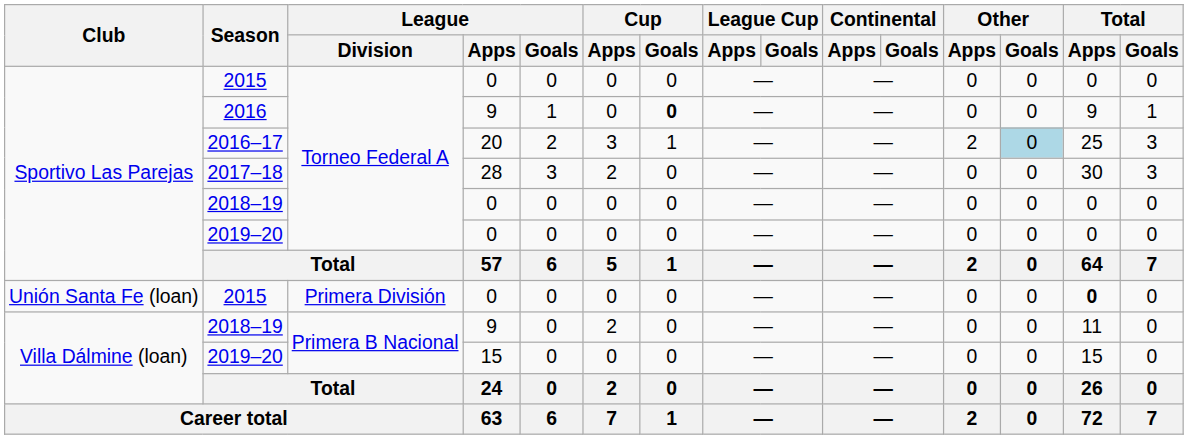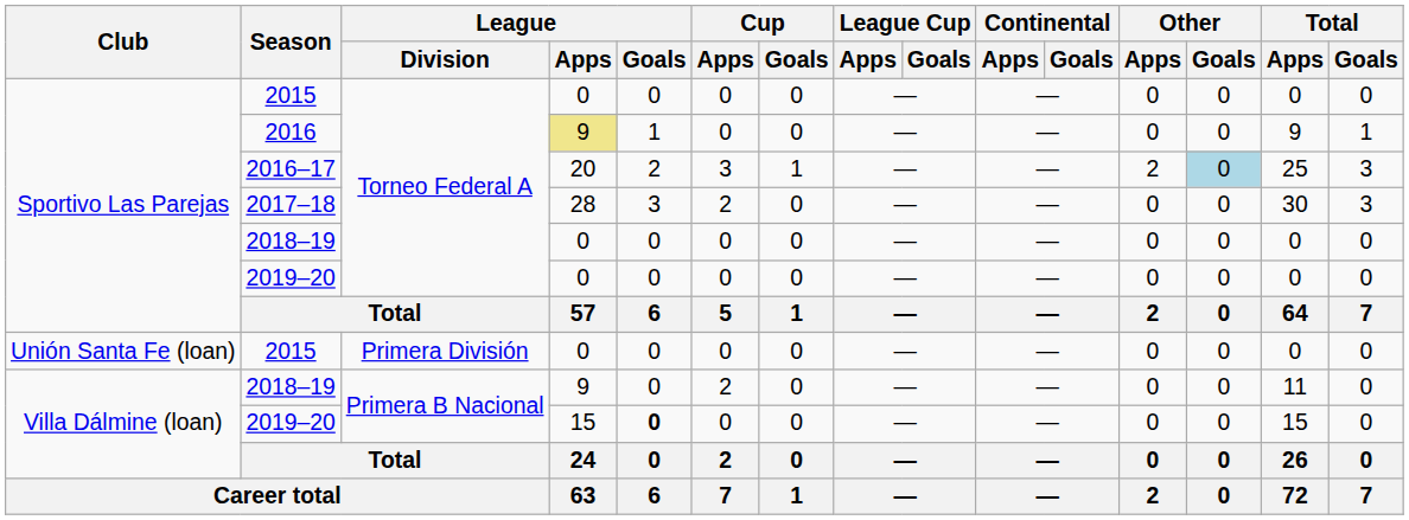 <table class="wikitable" style="text-align:center">
 <tr>
 <th rowspan="2">Club</th>
 <th rowspan="2">Season</th>
 <th colspan="3">League</th>
 <th colspan="2">Cup</th>
 <th colspan="2">League Cup</th>
 <th colspan="2">Continental</th>
 <th colspan="2">Other</th>
 <th colspan="2">Total</th>
 </tr>
 <tr>
 <th>Division</th>
 <th>Apps</th>
 <th>Goals</th>
 <th>Apps</th>
 <th>Goals</th>
 <th>Apps</th>
 <th>Goals</th>
 <th>Apps</th>
 <th>Goals</th>
 <th>Apps</th>
 <th>Goals</th>
 <th>Apps</th>
 <th>Goals</th>
 </tr>
 <tr>
 <td rowspan="7"><a href='#'>Sportivo Las Parejas</a></td>
 <td><a href='#'>2015</a></td>
 <td rowspan="6"><a href='#'>Torneo Federal A</a></td>
 <td>0</td>
 <td>0</td>
 <td>0</td>
 <td>0</td>
 <td colspan="2">—</td>
 <td colspan="2">—</td>
 <td>0</td>
 <td>0</td>
 <td>0</td>
 <td>0</td>
 </tr>
 <tr>
 <td><a href='#'>2016</a></td>
-<td>9</td>
+<td style="background: khaki;">9</td>
 <td>1</td>
 <td>0</td>
-<td><strong>0</strong></td>
+<td>0</td>
 <td colspan="2">—</td>
 <td colspan="2">—</td>
 <td>0</td>
 <td>0</td>
 <td>9</td>
 <td>1</td>
 </tr>
 <tr>
 <td><a href='#'>2016–17</a></td>
 <td>20</td>
 <td>2</td>
 <td>3</td>
 <td>1</td>
 <td colspan="2">—</td>
 <td colspan="2">—</td>
 <td>2</td>
 <td style="background: lightblue;">0</td>
 <td>25</td>
 <td>3</td>
 </tr>
 <tr>
 <td><a href='#'>2017–18</a></td>
 <td>28</td>
 <td>3</td>
 <td>2</td>
 <td>0</td>
 <td colspan="2">—</td>
 <td colspan="2">—</td>
 <td>0</td>
 <td>0</td>
 <td>30</td>
 <td>3</td>
 </tr>
 <tr>
 <td><a href='#'>2018–19</a></td>
 <td>0</td>
 <td>0</td>
 <td>0</td>
 <td>0</td>
 <td colspan="2">—</td>
 <td colspan="2">—</td>
 <td>0</td>
 <td>0</td>
 <td>0</td>
 <td>0</td>
 </tr>
 <tr>
 <td><a href='#'>2019–20</a></td>
 <td>0</td>
 <td>0</td>
 <td>0</td>
 <td>0</td>
 <td colspan="2">—</td>
 <td colspan="2">—</td>
 <td>0</td>
 <td>0</td>
 <td>0</td>
 <td>0</td>
 </tr>
 <tr>
 <th colspan="2">Total</th>
 <th>57</th>
 <th>6</th>
 <th>5</th>
 <th>1</th>
 <th colspan="2">—</th>
 <th colspan="2">—</th>
 <th>2</th>
 <th>0</th>
 <th>64</th>
 <th>7</th>
 </tr>
 <tr>
 <td rowspan="1"><a href='#'>Unión Santa Fe</a> (loan)</td>
 <td><a href='#'>2015</a></td>
 <td rowspan="1"><a href='#'>Primera División</a></td>
 <td>0</td>
 <td>0</td>
 <td>0</td>
 <td>0</td>
 <td colspan="2">—</td>
 <td colspan="2">—</td>
 <td>0</td>
 <td>0</td>
-<td><strong>0</strong></td>
+<td>0</td>
 <td>0</td>
 </tr>
 <tr>
 <td rowspan="3"><a href='#'>Villa Dálmine</a> (loan)</td>
 <td><a href='#'>2018–19</a></td>
 <td rowspan="2"><a href='#'>Primera B Nacional</a></td>
 <td>9</td>
 <td>0</td>
 <td>2</td>
 <td>0</td>
 <td colspan="2">—</td>
 <td colspan="2">—</td>
 <td>0</td>
 <td>0</td>
 <td>11</td>
 <td>0</td>
 </tr>
 <tr>
 <td><a href='#'>2019–20</a></td>
 <td>15</td>
-<td>0</td>
+<td><strong>0</strong></td>
 <td>0</td>
 <td>0</td>
 <td colspan="2">—</td>
 <td colspan="2">—</td>
 <td>0</td>
 <td>0</td>
 <td>15</td>
 <td>0</td>
 </tr>
 <tr>
 <th colspan="2">Total</th>
 <th>24</th>
 <th>0</th>
 <th>2</th>
 <th>0</th>
 <th colspan="2">—</th>
 <th colspan="2">—</th>
 <th>0</th>
 <th>0</th>
 <th>26</th>
 <th>0</th>
 </tr>
 <tr>
 <th colspan="3">Career total</th>
 <th>63</th>
 <th>6</th>
 <th>7</th>
 <th>1</th>
 <th colspan="2">—</th>
 <th colspan="2">—</th>
 <th>2</th>
 <th>0</th>
 <th>72</th>
 <th>7</th>
 </tr>
 </table>
